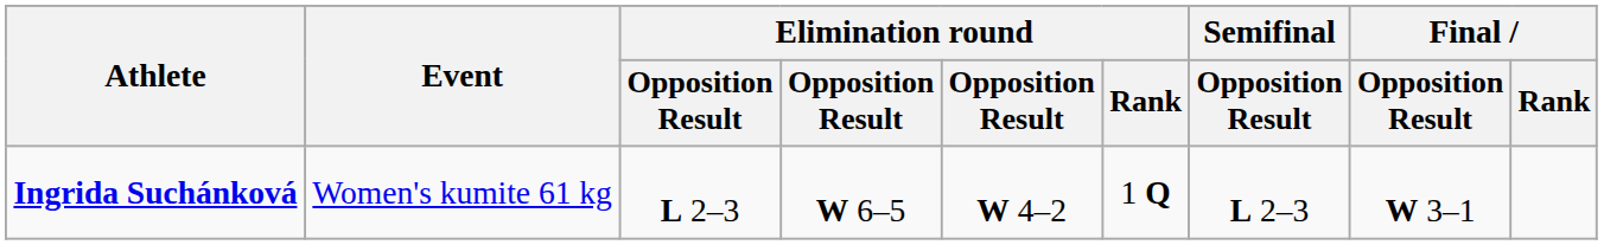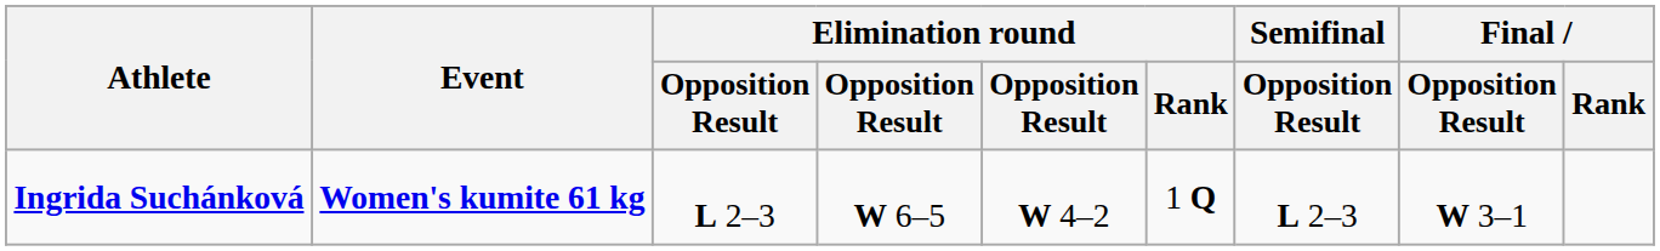 <table class=wikitable style=font-size:90%;text-align:center>
 <tr>
 <th rowspan=2>Athlete</th>
 <th rowspan=2>Event</th>
 <th colspan=4>Elimination round</th>
 <th>Semifinal</th>
 <th colspan=2>Final / </th>
 </tr>
 <tr style=font-size:95%>
 <th>Opposition<br>Result</th>
 <th>Opposition<br>Result</th>
 <th>Opposition<br>Result</th>
 <th>Rank</th>
 <th>Opposition<br>Result</th>
 <th>Opposition<br>Result</th>
 <th>Rank</th>
 </tr>
 <tr>
 <td align=left><strong><a href='#'>Ingrida Suchánková</a></strong></td>
-<td align=left><a href='#'>Women's kumite 61 kg</a></td>
+<td align=left><strong><a href='#'>Women's kumite 61 kg</a></strong></td>
 <td><br><strong>L</strong> 2–3</td>
 <td><br><strong>W</strong> 6–5</td>
 <td><br><strong>W</strong> 4–2</td>
 <td>1 <strong>Q</strong></td>
 <td><br><strong>L</strong> 2–3</td>
 <td><br><strong>W</strong> 3–1</td>
 <td></td>
 </tr>
 </table>
